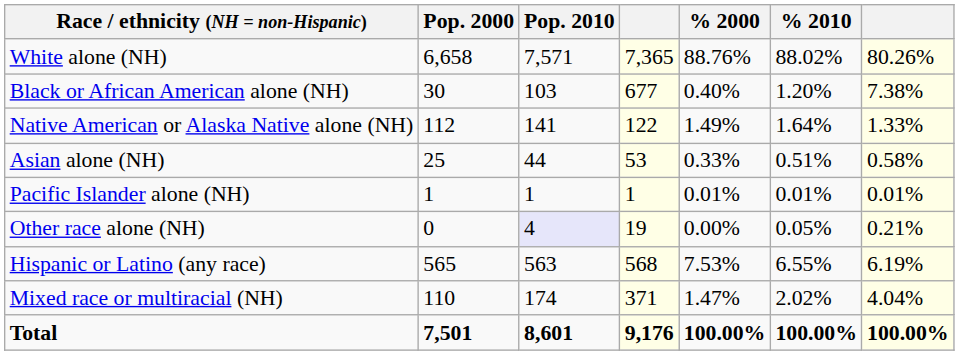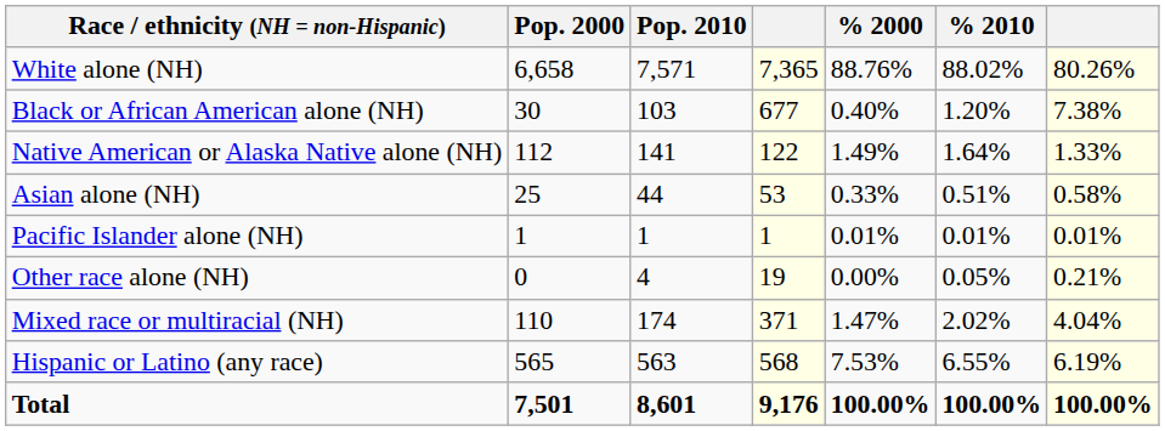 <table class="wikitable">
 <tr>
 <th>Race / ethnicity <small>(<em>NH = non-Hispanic</em>)</small></th>
 <th>Pop. 2000</th>
 <th>Pop. 2010</th>
 <th></th>
 <th>% 2000</th>
 <th>% 2010</th>
 <th></th>
 </tr>
 <tr>
 <td><a href='#'>White</a> alone (NH)</td>
 <td>6,658</td>
 <td>7,571</td>
 <td style='background: #ffffe6;'>7,365</td>
 <td>88.76%</td>
 <td>88.02%</td>
 <td style='background: #ffffe6;'>80.26%</td>
 </tr>
 <tr>
 <td><a href='#'>Black or African American</a> alone (NH)</td>
 <td>30</td>
 <td>103</td>
 <td style='background: #ffffe6;'>677</td>
 <td>0.40%</td>
 <td>1.20%</td>
 <td style='background: #ffffe6;'>7.38%</td>
 </tr>
 <tr>
 <td><a href='#'>Native American</a> or <a href='#'>Alaska Native</a> alone (NH)</td>
 <td>112</td>
 <td>141</td>
 <td style='background: #ffffe6;'>122</td>
 <td>1.49%</td>
 <td>1.64%</td>
 <td style='background: #ffffe6;'>1.33%</td>
 </tr>
 <tr>
 <td><a href='#'>Asian</a> alone (NH)</td>
 <td>25</td>
 <td>44</td>
 <td style='background: #ffffe6;'>53</td>
 <td>0.33%</td>
 <td>0.51%</td>
 <td style='background: #ffffe6;'>0.58%</td>
 </tr>
 <tr>
 <td><a href='#'>Pacific Islander</a> alone (NH)</td>
 <td>1</td>
 <td>1</td>
 <td style='background: #ffffe6;'>1</td>
 <td>0.01%</td>
 <td>0.01%</td>
 <td style='background: #ffffe6;'>0.01%</td>
 </tr>
 <tr>
 <td><a href='#'>Other race</a> alone (NH)</td>
 <td>0</td>
-<td style="background: lavender;">4</td>
+<td>4</td>
 <td style='background: #ffffe6;'>19</td>
 <td>0.00%</td>
 <td>0.05%</td>
 <td style='background: #ffffe6;'>0.21%</td>
+</tr>
+<tr>
+<td><a href='#'>Mixed race or multiracial</a> (NH)</td>
+<td>110</td>
+<td>174</td>
+<td style='background: #ffffe6;'>371</td>
+<td>1.47%</td>
+<td>2.02%</td>
+<td style='background: #ffffe6;'>4.04%</td>
 </tr>
 <tr>
 <td><a href='#'>Hispanic or Latino</a> (any race)</td>
 <td>565</td>
 <td>563</td>
 <td style='background: #ffffe6;'>568</td>
 <td>7.53%</td>
 <td>6.55%</td>
 <td style='background: #ffffe6;'>6.19%</td>
 </tr>
 <tr>
-<td><a href='#'>Mixed race or multiracial</a> (NH)</td>
-<td>110</td>
-<td>174</td>
-<td style='background: #ffffe6;'>371</td>
-<td>1.47%</td>
-<td>2.02%</td>
-<td style='background: #ffffe6;'>4.04%</td>
-</tr>
-<tr>
 <td><strong>Total</strong></td>
 <td><strong>7,501</strong></td>
 <td><strong>8,601</strong></td>
 <td style='background: #ffffe6;'><strong>9,176</strong></td>
 <td><strong>100.00%</strong></td>
 <td><strong>100.00%</strong></td>
 <td style='background: #ffffe6;'><strong>100.00%</strong></td>
 </tr>
 </table>
